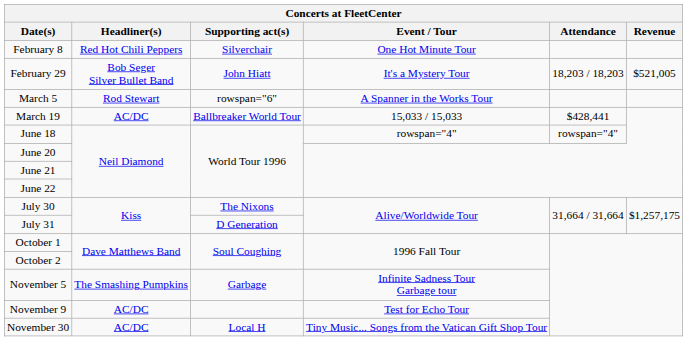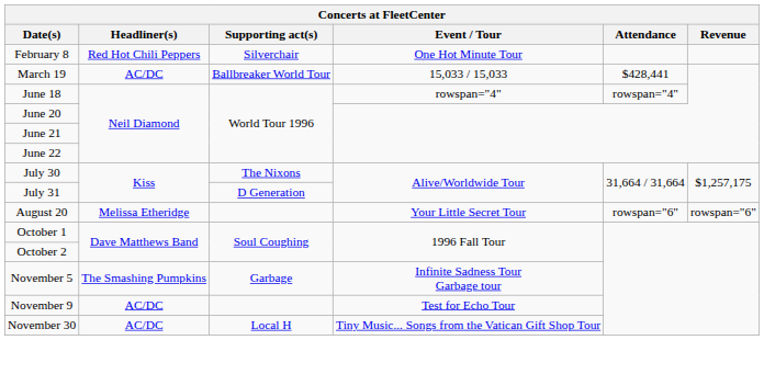 <table class="wikitable mw-collapsible mw-collapsed" style="text-align:center;">
 <tr>
 <th colspan="6">Concerts at FleetCenter</th>
 </tr>
 <tr>
 <th>Date(s)</th>
 <th>Headliner(s)</th>
 <th>Supporting act(s)</th>
 <th>Event / Tour</th>
 <th>Attendance</th>
 <th>Revenue</th>
 </tr>
 <tr>
 <td>February 8</td>
 <td><a href='#'>Red Hot Chili Peppers</a></td>
 <td><a href='#'>Silverchair</a></td>
 <td><a href='#'>One Hot Minute Tour</a></td>
-<td></td>
-<td></td>
-</tr>
-<tr>
-<td>February 29</td>
-<td><a href='#'>Bob Seger</a><br><a href='#'>Silver Bullet Band</a></td>
-<td><a href='#'>John Hiatt</a></td>
-<td><a href='#'>It's a Mystery Tour</a></td>
-<td>18,203 / 18,203</td>
-<td>$521,005</td>
-</tr>
-<tr>
-<td>March 5</td>
-<td><a href='#'>Rod Stewart</a></td>
-<td>rowspan="6" </td>
-<td><a href='#'>A Spanner in the Works Tour</a></td>
 <td></td>
 <td></td>
 </tr>
 <tr>
 <td>March 19</td>
 <td><a href='#'>AC/DC</a></td>
 <td><a href='#'>Ballbreaker World Tour</a></td>
 <td>15,033 / 15,033</td>
 <td>$428,441</td>
 </tr>
 <tr>
 <td>June 18</td>
 <td rowspan="4"><a href='#'>Neil Diamond</a></td>
 <td rowspan="4">World Tour 1996</td>
 <td>rowspan="4" </td>
 <td>rowspan="4" </td>
 </tr>
 <tr>
 <td>June 20</td>
 </tr>
 <tr>
 <td>June 21</td>
 </tr>
 <tr>
 <td>June 22</td>
 </tr>
 <tr>
 <td>July 30</td>
 <td rowspan="2"><a href='#'>Kiss</a></td>
 <td><a href='#'>The Nixons</a></td>
 <td rowspan="2"><a href='#'>Alive/Worldwide Tour</a></td>
 <td rowspan="2">31,664 / 31,664</td>
 <td rowspan="2">$1,257,175</td>
 </tr>
 <tr>
 <td>July 31</td>
 <td><a href='#'>D Generation</a></td>
 </tr>
 <tr>
+<td>August 20</td>
+<td><a href='#'>Melissa Etheridge</a></td>
+<td></td>
+<td><a href='#'>Your Little Secret Tour</a></td>
+<td>rowspan="6" </td>
+<td>rowspan="6" </td>
+</tr>
+<tr>
 <td>October 1</td>
 <td rowspan="2"><a href='#'>Dave Matthews Band</a></td>
 <td rowspan="2"><a href='#'>Soul Coughing</a></td>
 <td rowspan="2">1996 Fall Tour</td>
 </tr>
 <tr>
 <td>October 2</td>
 </tr>
 <tr>
 <td>November 5</td>
 <td><a href='#'>The Smashing Pumpkins</a></td>
 <td><a href='#'>Garbage</a></td>
 <td><a href='#'>Infinite Sadness Tour</a><br><a href='#'>Garbage tour</a></td>
 </tr>
 <tr>
 <td>November 9</td>
 <td><a href='#'>AC/DC</a></td>
 <td></td>
 <td><a href='#'>Test for Echo Tour</a></td>
 </tr>
 <tr>
 <td>November 30</td>
 <td><a href='#'>AC/DC</a></td>
 <td><a href='#'>Local H</a></td>
 <td><a href='#'>Tiny Music... Songs from the Vatican Gift Shop Tour</a></td>
 </tr>
 </table>
